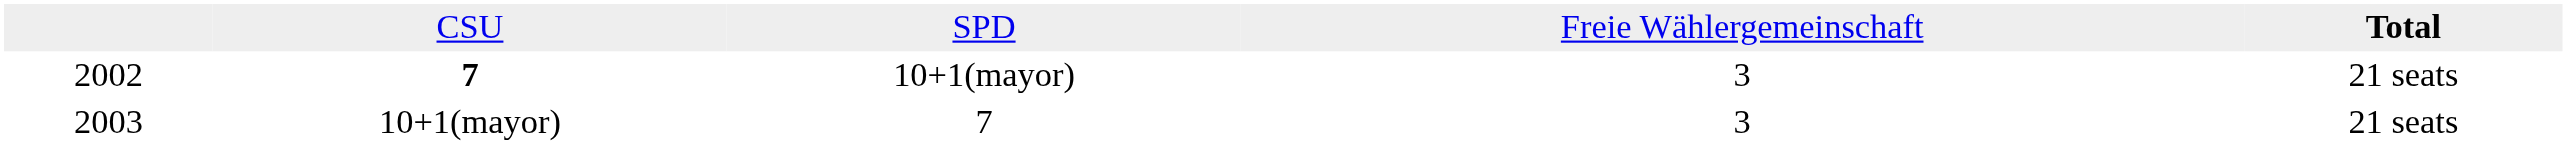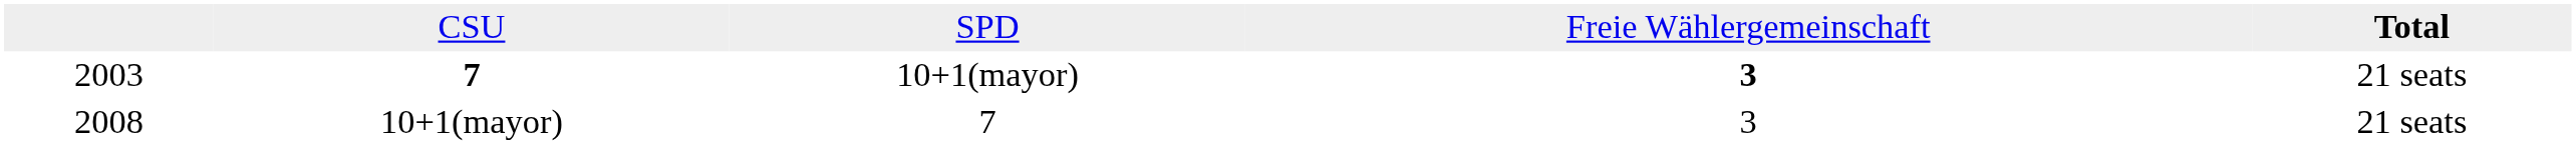 <table border="0" cellpadding="2" cellspacing="0" width="60%">
 <tr bgcolor="#eeeeee" align="center">
 <td></td>
 <td><a href='#'>CSU</a></td>
 <td><a href='#'>SPD</a></td>
 <td><a href='#'>Freie Wählergemeinschaft</a></td>
 <td><strong>Total</strong></td>
 </tr>
 <tr align="center">
-<td>2002</td>
+<td>2003</td>
 <td><strong>7</strong></td>
 <td>10+1(mayor)</td>
-<td>3</td>
+<td><strong>3</strong></td>
 <td>21 seats</td>
 </tr>
 <tr align="center">
-<td>2003</td>
+<td>2008</td>
 <td>10+1(mayor)</td>
 <td>7</td>
 <td>3</td>
 <td>21 seats</td>
 </tr>
 </table>
